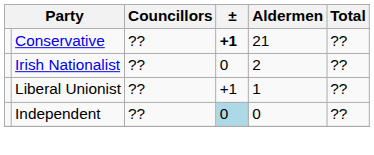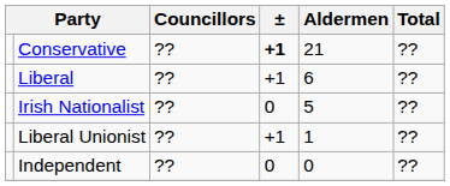 <table class="wikitable">
 <tr>
 <th colspan="2">Party</th>
 <th>Councillors</th>
 <th>  ±  </th>
 <th>Aldermen</th>
 <th>Total</th>
 </tr>
 <tr>
 <td style="background-color: "></td>
 <td><a href='#'>Conservative</a></td>
 <td>??</td>
 <td><strong>+1</strong></td>
 <td>21</td>
 <td>??</td>
 </tr>
 <tr>
 <td style="background-color: "></td>
+<td><a href='#'>Liberal</a></td>
+<td>??</td>
+<td>+1</td>
+<td>6</td>
+<td>??</td>
+</tr>
+<tr>
+<td style="background-color: "></td>
 <td><a href='#'>Irish Nationalist</a></td>
 <td>??</td>
 <td>0</td>
-<td>2</td>
+<td>5</td>
 <td>??</td>
 </tr>
 <tr>
 <td style="background-color: "></td>
 <td>Liberal Unionist</td>
 <td>??</td>
 <td>+1</td>
 <td>1</td>
 <td>??</td>
 </tr>
 <tr>
 <td style="background-color: "></td>
 <td>Independent</td>
 <td>??</td>
-<td style="background: lightblue;">0</td>
+<td>0</td>
 <td>0</td>
 <td>??</td>
 </tr>
 <tr>
 </tr>
 </table>
